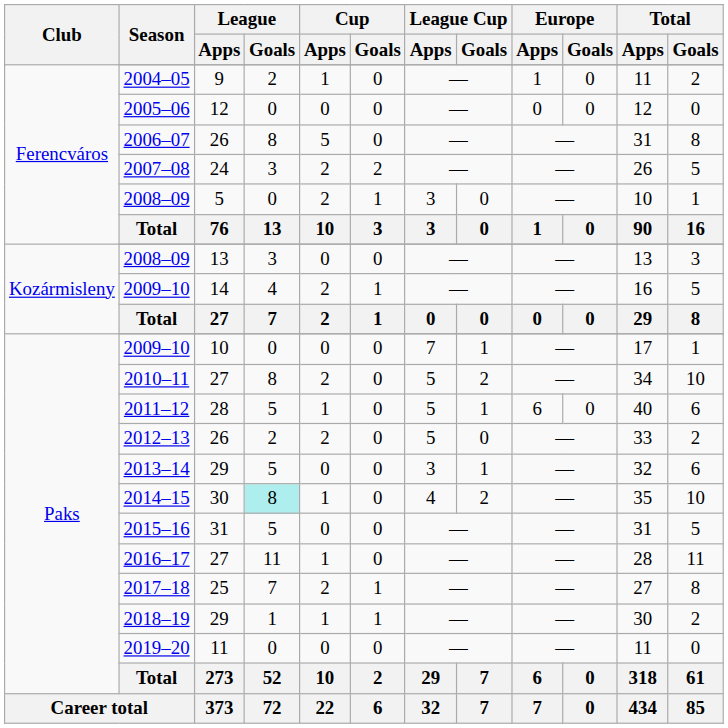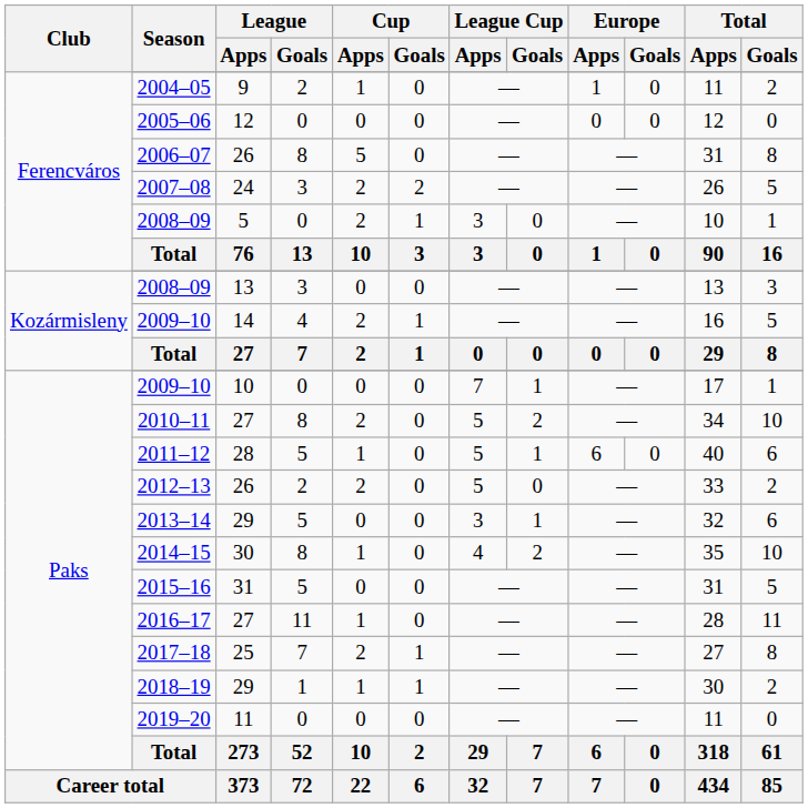 <table class="wikitable" style="text-align: center;">
 <tr>
 <th rowspan="2">Club</th>
 <th rowspan="2">Season</th>
 <th colspan="2">League</th>
 <th colspan="2">Cup</th>
 <th colspan="2">League Cup</th>
 <th colspan="2">Europe</th>
 <th colspan="2">Total</th>
 </tr>
 <tr>
 <th>Apps</th>
 <th>Goals</th>
 <th>Apps</th>
 <th>Goals</th>
 <th>Apps</th>
 <th>Goals</th>
 <th>Apps</th>
 <th>Goals</th>
 <th>Apps</th>
 <th>Goals</th>
 </tr>
 <tr>
 <td rowspan="7"><a href='#'>Ferencváros</a></td>
 </tr>
 <tr>
 <td><a href='#'>2004–05</a></td>
 <td>9</td>
 <td>2</td>
 <td>1</td>
 <td>0</td>
 <td colspan="2">—</td>
 <td>1</td>
 <td>0</td>
 <td>11</td>
 <td>2</td>
 </tr>
 <tr>
 <td><a href='#'>2005–06</a></td>
 <td>12</td>
 <td>0</td>
 <td>0</td>
 <td>0</td>
 <td colspan="2">—</td>
 <td>0</td>
 <td>0</td>
 <td>12</td>
 <td>0</td>
 </tr>
 <tr>
 <td><a href='#'>2006–07</a></td>
 <td>26</td>
 <td>8</td>
 <td>5</td>
 <td>0</td>
 <td colspan="2">—</td>
 <td colspan="2">—</td>
 <td>31</td>
 <td>8</td>
 </tr>
 <tr>
 <td><a href='#'>2007–08</a></td>
 <td>24</td>
 <td>3</td>
 <td>2</td>
 <td>2</td>
 <td colspan="2">—</td>
 <td colspan="2">—</td>
 <td>26</td>
 <td>5</td>
 </tr>
 <tr>
 <td><a href='#'>2008–09</a></td>
 <td>5</td>
 <td>0</td>
 <td>2</td>
 <td>1</td>
 <td>3</td>
 <td>0</td>
 <td colspan="2">—</td>
 <td>10</td>
 <td>1</td>
 </tr>
 <tr>
 <th>Total</th>
 <th>76</th>
 <th>13</th>
 <th>10</th>
 <th>3</th>
 <th>3</th>
 <th>0</th>
 <th>1</th>
 <th>0</th>
 <th>90</th>
 <th>16</th>
 </tr>
 <tr>
 <td rowspan="4"><a href='#'>Kozármisleny</a></td>
 </tr>
 <tr>
 <td><a href='#'>2008–09</a></td>
 <td>13</td>
 <td>3</td>
 <td>0</td>
 <td>0</td>
 <td colspan="2">—</td>
 <td colspan="2">—</td>
 <td>13</td>
 <td>3</td>
 </tr>
 <tr>
 <td><a href='#'>2009–10</a></td>
 <td>14</td>
 <td>4</td>
 <td>2</td>
 <td>1</td>
 <td colspan="2">—</td>
 <td colspan="2">—</td>
 <td>16</td>
 <td>5</td>
 </tr>
 <tr>
 <th>Total</th>
 <th>27</th>
 <th>7</th>
 <th>2</th>
 <th>1</th>
 <th>0</th>
 <th>0</th>
 <th>0</th>
 <th>0</th>
 <th>29</th>
 <th>8</th>
 </tr>
 <tr>
 <td rowspan="13" valign="center"><a href='#'>Paks</a></td>
 </tr>
 <tr>
 <td><a href='#'>2009–10</a></td>
 <td>10</td>
 <td>0</td>
 <td>0</td>
 <td>0</td>
 <td>7</td>
 <td>1</td>
 <td colspan="2">—</td>
 <td>17</td>
 <td>1</td>
 </tr>
 <tr>
 <td><a href='#'>2010–11</a></td>
 <td>27</td>
 <td>8</td>
 <td>2</td>
 <td>0</td>
 <td>5</td>
 <td>2</td>
 <td colspan="2">—</td>
 <td>34</td>
 <td>10</td>
 </tr>
 <tr>
 <td><a href='#'>2011–12</a></td>
 <td>28</td>
 <td>5</td>
 <td>1</td>
 <td>0</td>
 <td>5</td>
 <td>1</td>
 <td>6</td>
 <td>0</td>
 <td>40</td>
 <td>6</td>
 </tr>
 <tr>
 <td><a href='#'>2012–13</a></td>
 <td>26</td>
 <td>2</td>
 <td>2</td>
 <td>0</td>
 <td>5</td>
 <td>0</td>
 <td colspan="2">—</td>
 <td>33</td>
 <td>2</td>
 </tr>
 <tr>
 <td><a href='#'>2013–14</a></td>
 <td>29</td>
 <td>5</td>
 <td>0</td>
 <td>0</td>
 <td>3</td>
 <td>1</td>
 <td colspan="2">—</td>
 <td>32</td>
 <td>6</td>
 </tr>
 <tr>
 <td><a href='#'>2014–15</a></td>
 <td>30</td>
-<td style="background: paleturquoise;">8</td>
+<td>8</td>
 <td>1</td>
 <td>0</td>
 <td>4</td>
 <td>2</td>
 <td colspan="2">—</td>
 <td>35</td>
 <td>10</td>
 </tr>
 <tr>
 <td><a href='#'>2015–16</a></td>
 <td>31</td>
 <td>5</td>
 <td>0</td>
 <td>0</td>
 <td colspan="2">—</td>
 <td colspan="2">—</td>
 <td>31</td>
 <td>5</td>
 </tr>
 <tr>
 <td><a href='#'>2016–17</a></td>
 <td>27</td>
 <td>11</td>
 <td>1</td>
 <td>0</td>
 <td colspan="2">—</td>
 <td colspan="2">—</td>
 <td>28</td>
 <td>11</td>
 </tr>
 <tr>
 <td><a href='#'>2017–18</a></td>
 <td>25</td>
 <td>7</td>
 <td>2</td>
 <td>1</td>
 <td colspan="2">—</td>
 <td colspan="2">—</td>
 <td>27</td>
 <td>8</td>
 </tr>
 <tr>
 <td><a href='#'>2018–19</a></td>
 <td>29</td>
 <td>1</td>
 <td>1</td>
 <td>1</td>
 <td colspan="2">—</td>
 <td colspan="2">—</td>
 <td>30</td>
 <td>2</td>
 </tr>
 <tr>
 <td><a href='#'>2019–20</a></td>
 <td>11</td>
 <td>0</td>
 <td>0</td>
 <td>0</td>
 <td colspan="2">—</td>
 <td colspan="2">—</td>
 <td>11</td>
 <td>0</td>
 </tr>
 <tr>
 <th>Total</th>
 <th>273</th>
 <th>52</th>
 <th>10</th>
 <th>2</th>
 <th>29</th>
 <th>7</th>
 <th>6</th>
 <th>0</th>
 <th>318</th>
 <th>61</th>
 </tr>
 <tr>
 <th colspan="2">Career total</th>
 <th>373</th>
 <th>72</th>
 <th>22</th>
 <th>6</th>
 <th>32</th>
 <th>7</th>
 <th>7</th>
 <th>0</th>
 <th>434</th>
 <th>85</th>
 </tr>
 </table>
